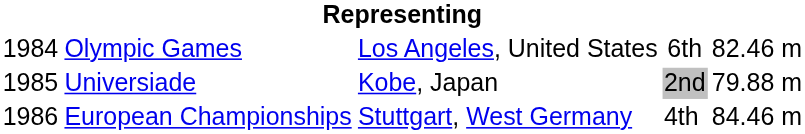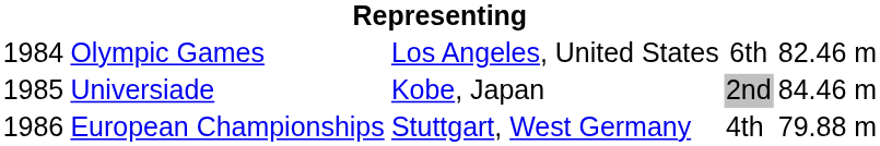 <table>
 <tr>
 <th colspan="5">Representing </th>
 </tr>
 <tr>
 <td>1984</td>
 <td><a href='#'>Olympic Games</a></td>
 <td><a href='#'>Los Angeles</a>, United States</td>
 <td align="center">6th</td>
 <td>82.46 m</td>
 </tr>
 <tr>
 <td>1985</td>
 <td><a href='#'>Universiade</a></td>
 <td><a href='#'>Kobe</a>, Japan</td>
 <td bgcolor="silver">2nd</td>
-<td>79.88 m</td>
+<td>84.46 m</td>
 </tr>
 <tr>
 <td>1986</td>
 <td><a href='#'>European Championships</a></td>
 <td><a href='#'>Stuttgart</a>, <a href='#'>West Germany</a></td>
 <td>4th</td>
-<td>84.46 m</td>
+<td>79.88 m</td>
 </tr>
 </table>
